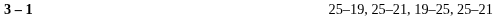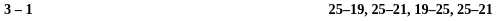 <table width=100% cellspacing=1>
 <tr>
 <th width=20%></th>
 <th width=12%></th>
 <th width=20%></th>
 <th width=33%></th>
 <td></td>
 </tr>
 <tr style=font-size:95%>
 <td align=right><strong></strong></td>
 <td align=center><strong>3 – 1</strong></td>
 <td></td>
-<td>25–19, 25–21, 19–25, 25–21</td>
+<td><strong>25–19, 25–21, 19–25, 25–21</strong></td>
 </tr>
 </table>
